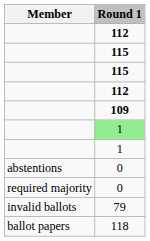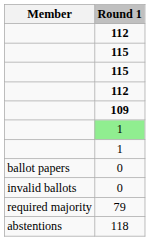 <table class="wikitable collapsible">
 <tr>
 <th>Member</th>
 <td style="background:silver;"><strong>Round 1</strong></td>
 </tr>
 <tr>
 <td></td>
 <td style="text-align:center;"><strong>112</strong></td>
 </tr>
 <tr>
 <td></td>
 <td style="text-align:center;"><strong>115</strong></td>
 </tr>
 <tr>
 <td></td>
 <td style="text-align:center;"><strong>115</strong></td>
 </tr>
 <tr>
 <td></td>
 <td style="text-align:center;"><strong>112</strong></td>
 </tr>
 <tr>
 <td></td>
 <td style="text-align:center;"><strong>109</strong></td>
 </tr>
 <tr>
 <td></td>
 <td style="background: lightgreen; text-align:center;">1</td>
 </tr>
 <tr>
 <td></td>
 <td style="text-align:center;">1</td>
 </tr>
 <tr>
-<td>abstentions</td>
+<td>ballot papers</td>
+<td style="text-align:center;">0</td>
+</tr>
+<tr>
+<td>invalid ballots</td>
 <td style="text-align:center;">0</td>
 </tr>
 <tr>
 <td>required majority</td>
-<td style="text-align:center;">0</td>
-</tr>
-<tr>
-<td>invalid ballots</td>
 <td style="text-align:center;">79</td>
 </tr>
 <tr>
-<td>ballot papers</td>
+<td>abstentions</td>
 <td style="text-align:center;">118</td>
 </tr>
 </table>
